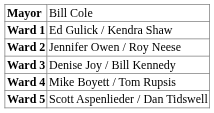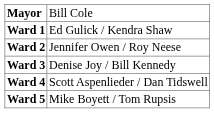 <table class="toccolours" border="1" cellpadding="2" cellspacing="0" style="border-collapse: collapse; float:right; margin: .5em;">
 <tr>
 <td><strong>Mayor</strong></td>
 <td>Bill Cole</td>
 </tr>
 <tr>
 <td><strong>Ward 1</strong></td>
 <td>Ed Gulick / Kendra Shaw</td>
 </tr>
 <tr>
 <td><strong>Ward 2</strong></td>
 <td>Jennifer Owen / Roy Neese</td>
 </tr>
 <tr>
 <td><strong>Ward 3</strong></td>
 <td>Denise Joy / Bill Kennedy</td>
 </tr>
 <tr>
 <td><strong>Ward 4</strong></td>
-<td>Mike Boyett / Tom Rupsis</td>
+<td>Scott Aspenlieder / Dan Tidswell</td>
 </tr>
 <tr>
 <td><strong>Ward 5</strong></td>
-<td>Scott Aspenlieder / Dan Tidswell</td>
+<td>Mike Boyett / Tom Rupsis</td>
 </tr>
 </table>
